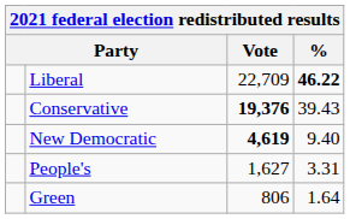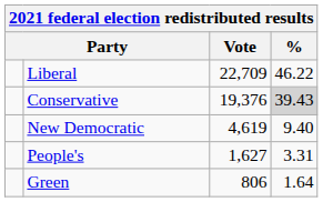 <table class="wikitable">
 <tr>
 <th colspan="4"><a href='#'>2021 federal election</a> redistributed results</th>
 </tr>
 <tr>
 <th bgcolor="#DDDDFF" width="130px" colspan="2">Party</th>
 <th bgcolor="#DDDDFF" width="50px">Vote</th>
 <th bgcolor="#DDDDFF" width="30px">%</th>
 </tr>
 <tr>
 <td> </td>
 <td><a href='#'>Liberal</a></td>
 <td align=right>22,709</td>
-<td align=right><strong>46.22</strong></td>
+<td align=right>46.22</td>
 </tr>
 <tr>
 <td> </td>
 <td><a href='#'>Conservative</a></td>
-<td align=right><strong>19,376</strong></td>
-<td align=right>39.43</td>
+<td align=right>19,376</td>
+<td align=right style="background: lightgrey;">39.43</td>
 </tr>
 <tr>
 <td> </td>
 <td><a href='#'>New Democratic</a></td>
-<td align=right><strong>4,619</strong></td>
+<td align=right>4,619</td>
 <td align=right>9.40</td>
 </tr>
 <tr>
 <td> </td>
 <td><a href='#'>People's</a></td>
 <td align=right>1,627</td>
 <td align=right>3.31</td>
 </tr>
 <tr>
 <td> </td>
 <td><a href='#'>Green</a></td>
 <td align=right>806</td>
 <td align=right>1.64</td>
 </tr>
 </table>
